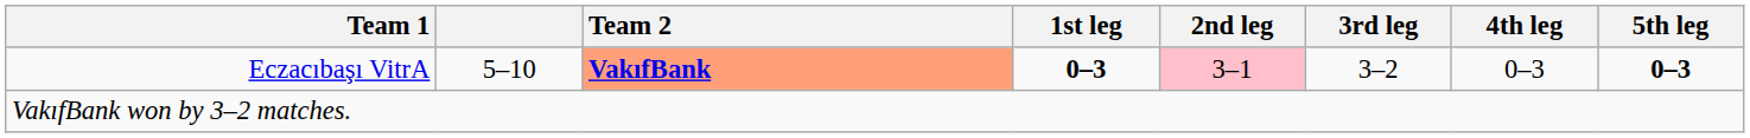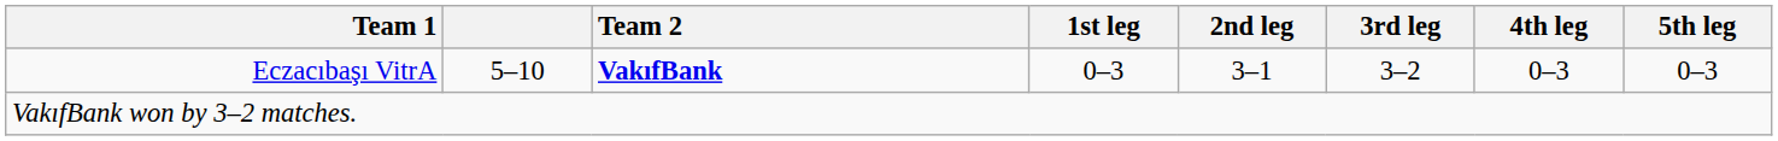 <table class="wikitable" style="border-collapse: collapse;">
 <tr>
 <th style="text-align:right" width="250">Team 1</th>
 <th style="width:80px"></th>
 <th style="text-align:left" width="250">Team 2</th>
 <th style="width:80px">1st leg</th>
 <th style="width:80px">2nd leg</th>
 <th style="width:80px">3rd leg</th>
 <th style="width:80px">4th leg</th>
 <th style="width:80px">5th leg</th>
 </tr>
 <tr>
 <td style="text-align:right;"><a href='#'>Eczacıbaşı VitrA</a></td>
 <td style="text-align:center;">5–10</td>
-<td style="background: lightsalmon; text-align:left;"><strong><a href='#'>VakıfBank</a></strong></td>
-<td style="text-align:center;"><strong>0–3</strong></td>
-<td style="background: pink; text-align:center;">3–1</td>
+<td style="text-align:left;"><strong><a href='#'>VakıfBank</a></strong></td>
+<td style="text-align:center;">0–3</td>
+<td style="text-align:center;">3–1</td>
 <td style="text-align:center;">3–2</td>
 <td style="text-align:center;">0–3</td>
-<td style="text-align:center;"><strong>0–3</strong></td>
+<td style="text-align:center;">0–3</td>
 </tr>
 <tr>
 <td colspan=8 align="left"><em>VakıfBank won by 3–2 matches.</em></td>
 </tr>
 </table>
